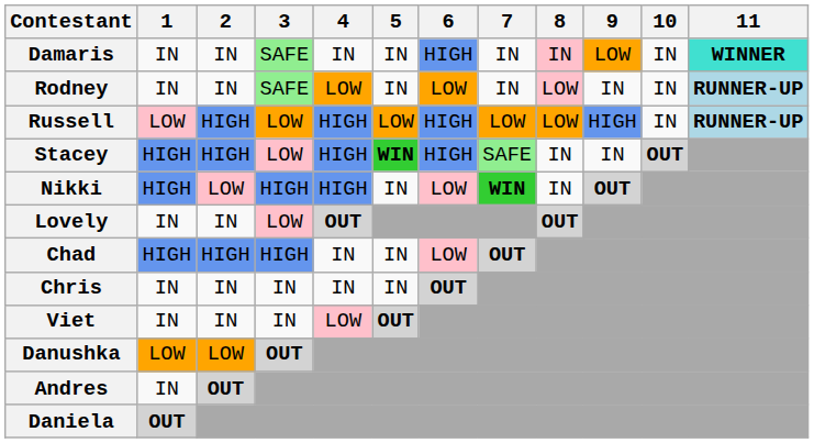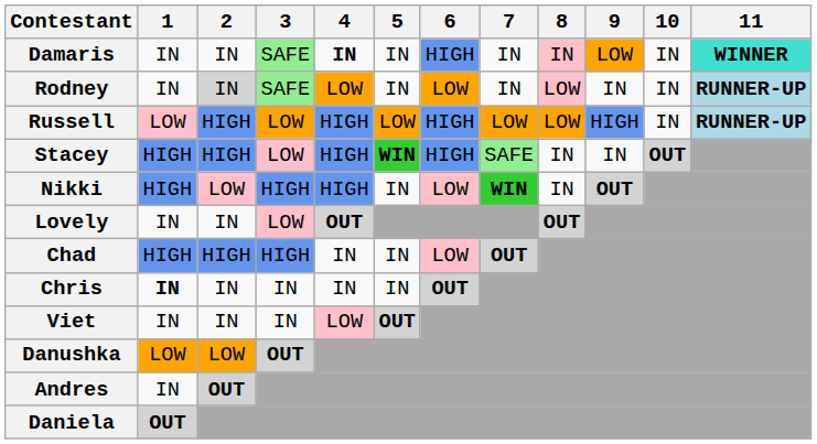 <table class="wikitable" align style="text-align:center" center>
 <tr>
 <th>Contestant</th>
 <th>1</th>
 <th>2</th>
 <th>3</th>
 <th>4</th>
 <th>5</th>
 <th>6</th>
 <th>7</th>
 <th>8</th>
 <th>9</th>
 <th>10</th>
 <th>11</th>
 </tr>
 <tr>
 <th>Damaris</th>
 <td>IN</td>
 <td>IN</td>
 <td style="background:lightgreen;">SAFE</td>
-<td>IN</td>
+<td><strong>IN</strong></td>
 <td>IN</td>
 <td style="background:cornflowerblue;">HIGH</td>
 <td>IN</td>
 <td style="background: pink;">IN</td>
 <td style="background:orange;">LOW</td>
 <td>IN</td>
 <td style="background:turquoise;"><strong>WINNER</strong></td>
 </tr>
 <tr>
 <th>Rodney</th>
 <td>IN</td>
-<td>IN</td>
+<td style="background: lightgrey;">IN</td>
 <td style="background:lightgreen;">SAFE</td>
 <td style="background:orange;">LOW</td>
 <td>IN</td>
 <td style="background:orange;">LOW</td>
 <td>IN</td>
 <td style="background:pink;">LOW</td>
 <td>IN</td>
 <td>IN</td>
 <td style="background:lightblue;"><strong>RUNNER-UP</strong></td>
 </tr>
 <tr>
 <th>Russell</th>
 <td style="background:pink;">LOW</td>
 <td style="background:cornflowerblue;">HIGH</td>
 <td style="background:orange;">LOW</td>
 <td style="background:cornflowerblue;">HIGH</td>
 <td style="background:orange;">LOW</td>
 <td style="background:cornflowerblue;">HIGH</td>
 <td style="background:orange;">LOW</td>
 <td style="background:orange;">LOW</td>
 <td style="background:cornflowerblue;">HIGH</td>
 <td>IN</td>
 <td style="background:lightblue;"><strong>RUNNER-UP</strong></td>
 </tr>
 <tr>
 <th>Stacey</th>
 <td style="background:cornflowerblue;">HIGH</td>
 <td style="background:cornflowerblue;">HIGH</td>
 <td style="background:pink;">LOW</td>
 <td style="background:cornflowerblue;">HIGH</td>
 <td style="background:limegreen;"><strong>WIN</strong></td>
 <td style="background:cornflowerblue;">HIGH</td>
 <td style="background:lightgreen;">SAFE</td>
 <td>IN</td>
 <td>IN</td>
 <td style="background:lightgrey;"><strong>OUT</strong></td>
 <td colspan="2" style="background:darkgrey;"></td>
 </tr>
 <tr>
 <th>Nikki</th>
 <td style="background:cornflowerblue;">HIGH</td>
 <td style="background:pink;">LOW</td>
 <td style="background:cornflowerblue;">HIGH</td>
 <td style="background:cornflowerblue;">HIGH</td>
 <td>IN</td>
 <td style="background:pink;">LOW</td>
 <td style="background:limegreen;"><strong>WIN</strong></td>
 <td>IN</td>
 <td style="background:lightgrey;"><strong>OUT</strong></td>
 <td colspan="2" style="background:darkgrey;"></td>
 </tr>
 <tr>
 <th>Lovely</th>
 <td>IN</td>
 <td>IN</td>
 <td style="background:pink;">LOW</td>
 <td style="background:lightgrey;"><strong>OUT</strong></td>
 <td colspan="3" style="background:darkgrey;"></td>
 <td style="background:lightgrey;"><strong>OUT</strong> </td>
 <td colspan="3" style="background:darkgrey;"></td>
 </tr>
 <tr>
 <th>Chad</th>
 <td style="background:cornflowerblue;">HIGH</td>
 <td style="background:cornflowerblue;">HIGH</td>
 <td style="background:cornflowerblue;">HIGH</td>
 <td>IN</td>
 <td>IN</td>
 <td style="background:pink;">LOW</td>
 <td style="background:lightgrey;"><strong>OUT</strong></td>
 <td colspan="8" style="background:darkgrey;"></td>
 </tr>
 <tr>
 <th>Chris</th>
-<td>IN</td>
+<td><strong>IN</strong></td>
 <td>IN</td>
 <td>IN</td>
 <td>IN</td>
 <td>IN</td>
 <td style="background:lightgrey;"><strong>OUT</strong></td>
 <td colspan="8" style="background:darkgrey;"></td>
 </tr>
 <tr>
 <th>Viet</th>
 <td>IN</td>
 <td>IN</td>
 <td>IN</td>
 <td style="background:pink;">LOW</td>
 <td style="background:lightgrey;"><strong>OUT</strong></td>
 <td colspan="8" style="background:darkgrey;"></td>
 </tr>
 <tr>
 <th>Danushka</th>
 <td style="background:orange;">LOW</td>
 <td style="background:orange;">LOW</td>
 <td style="background:lightgrey;"><strong>OUT</strong></td>
 <td colspan="9" style="background:darkgrey;"></td>
 </tr>
 <tr>
 <th>Andres</th>
 <td>IN</td>
 <td style="background:lightgrey;"><strong>OUT</strong></td>
 <td colspan="9" style="background:darkgrey;"></td>
 </tr>
 <tr>
 <th>Daniela</th>
 <td style="background:lightgrey;"><strong>OUT</strong></td>
 <td colspan="10" style="background:darkgrey;"></td>
 </tr>
 </table>
